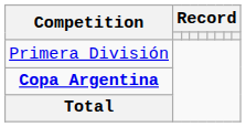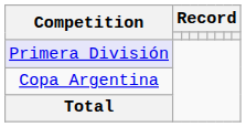 <table class="wikitable" style="text-align: center">
 <tr>
 <th rowspan=2>Competition</th>
 <th colspan=8>Record</th>
 </tr>
 <tr>
 <th></th>
 <th></th>
 <th></th>
 <th></th>
 <th></th>
 <th></th>
 <th></th>
 <th></th>
 </tr>
 <tr>
-<td><a href='#'>Primera División</a><br></td>
+<td style="background: lavender;"><a href='#'>Primera División</a><br></td>
 </tr>
 <tr>
-<td><strong><a href='#'>Copa Argentina</a><br></strong></td>
+<td><a href='#'>Copa Argentina</a><br></td>
 </tr>
 <tr>
 <th>Total<br></th>
 </tr>
 </table>
